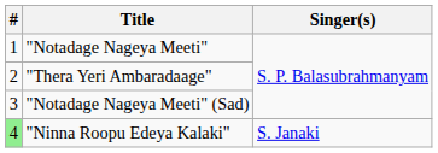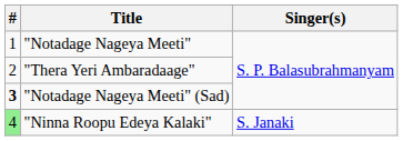 <table class="wikitable" style="font-size:95%;">
 <tr>
 <th>#</th>
 <th>Title</th>
 <th>Singer(s)</th>
 </tr>
 <tr>
 <td>1</td>
 <td>"Notadage Nageya Meeti"</td>
 <td rowspan=3><a href='#'>S. P. Balasubrahmanyam</a></td>
 </tr>
 <tr>
 <td>2</td>
 <td>"Thera Yeri Ambaradaage"</td>
 </tr>
 <tr>
-<td>3</td>
+<td><strong>3</strong></td>
 <td>"Notadage Nageya Meeti" (Sad)</td>
 </tr>
 <tr>
 <td style="background: lightgreen;">4</td>
 <td>"Ninna Roopu Edeya Kalaki"</td>
 <td><a href='#'>S. Janaki</a></td>
 </tr>
 </table>
